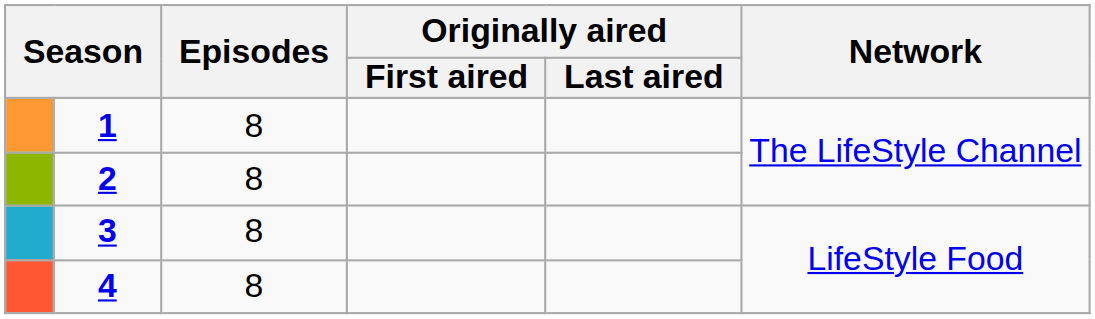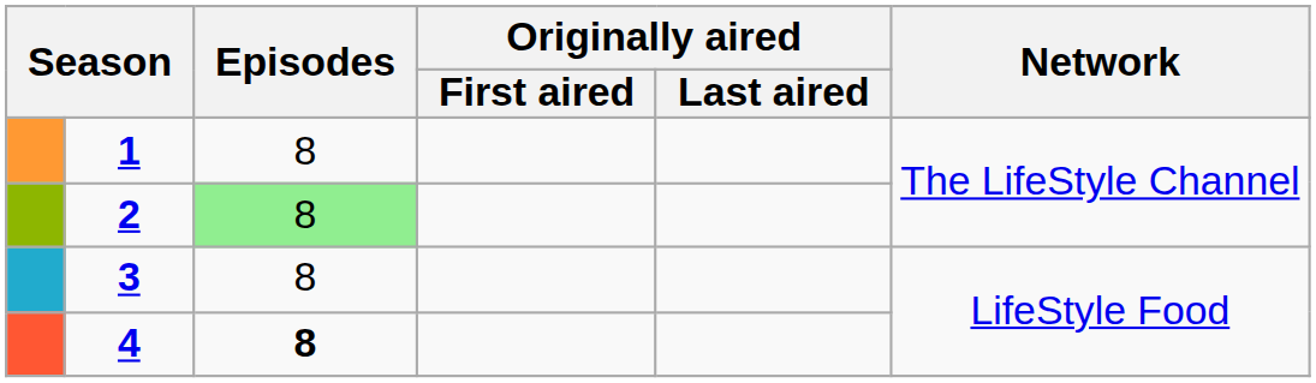 <table class="wikitable" style="text-align: center;">
 <tr>
 <th style="padding: 0 8px;" colspan="2" rowspan="2">Season</th>
 <th style="padding: 0 8px;" rowspan="2">Episodes</th>
 <th colspan="2">Originally aired</th>
 <th style="padding: 0 8px;" colspan="2" rowspan="2">Network</th>
 </tr>
 <tr>
 <th style="padding: 0 8px;">First aired</th>
 <th style="padding: 0 8px;">Last aired</th>
 </tr>
 <tr>
 <td style="background:#FF9933;"></td>
 <td><strong><a href='#'>1</a></strong></td>
 <td>8</td>
 <td style="padding: 0 8px;"></td>
 <td style="padding: 0 8px;"></td>
 <td rowspan="2"><a href='#'>The LifeStyle Channel</a></td>
 </tr>
 <tr>
 <td style="background:#8DB600;"></td>
 <td><strong><a href='#'>2</a></strong></td>
-<td>8</td>
+<td style="background: lightgreen;">8</td>
 <td style="padding: 0 8px;"></td>
 <td style="padding: 0 8px;"></td>
 </tr>
 <tr>
 <td style="background:#21ABCD;"></td>
 <td><strong><a href='#'>3</a></strong></td>
 <td>8</td>
 <td style="padding: 0 8px;"></td>
 <td style="padding: 0 8px;"></td>
 <td rowspan="2"><a href='#'>LifeStyle Food</a></td>
 </tr>
 <tr>
 <td style="background:#ff5733;"></td>
 <td><strong><a href='#'>4</a></strong></td>
-<td>8</td>
+<td><strong>8</strong></td>
 <td style="padding: 0 8px;"></td>
 <td style="padding: 0 8px;"></td>
 </tr>
 </table>
